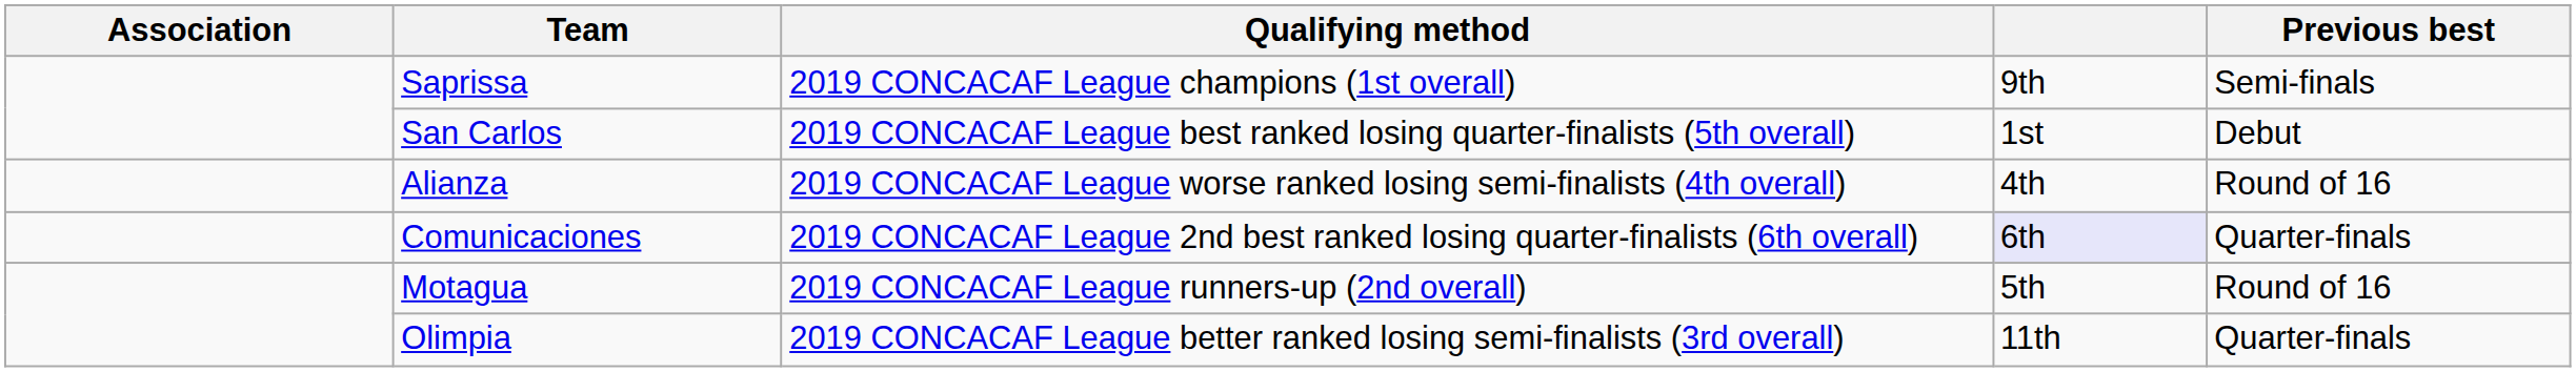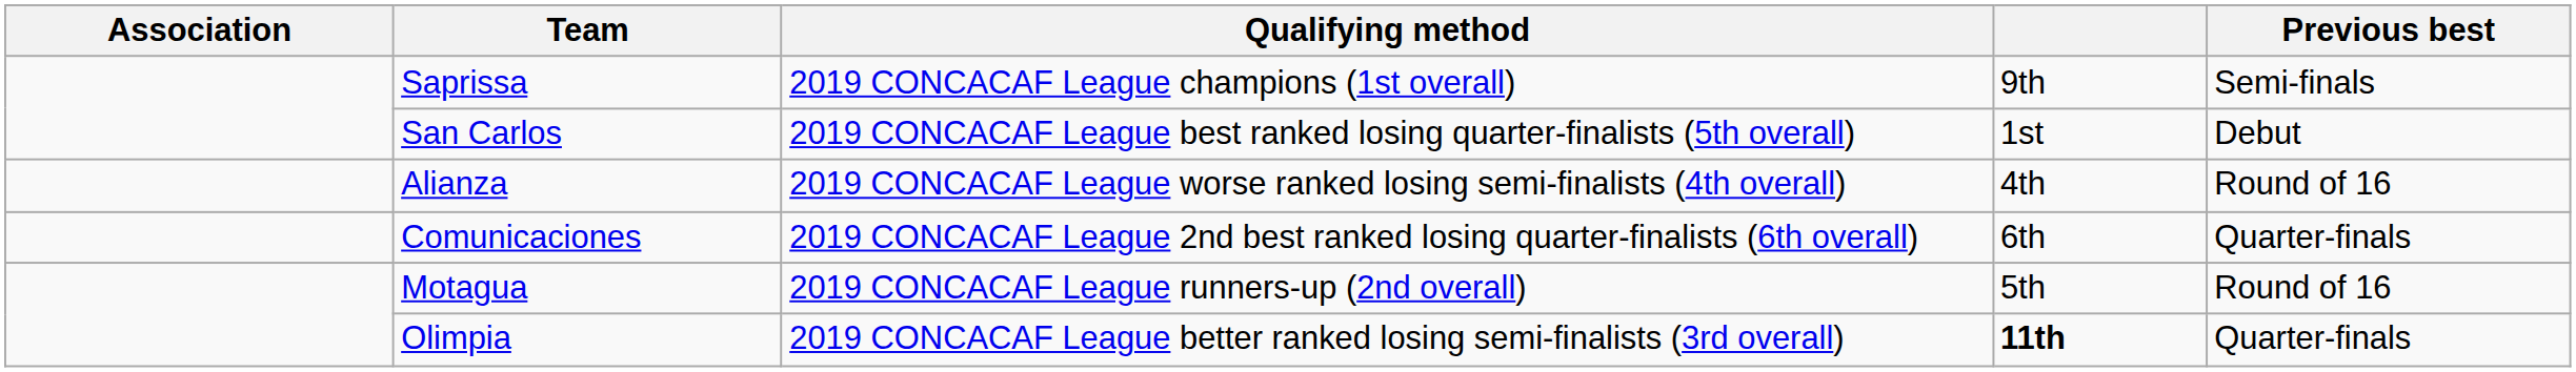 <table class="wikitable" style="table-layout:fixed;width:100%;">
 <tr>
 <th width=15%>Association</th>
 <th width=15%>Team</th>
 <th width=48%>Qualifying method</th>
 <th width=8%> </th>
 <th width=14%>Previous best </th>
 </tr>
 <tr>
 <td rowspan=2></td>
 <td><a href='#'>Saprissa</a></td>
 <td><a href='#'>2019 CONCACAF League</a> champions (<a href='#'>1st overall</a>)</td>
 <td>9th </td>
 <td>Semi-finals </td>
 </tr>
 <tr>
 <td><a href='#'>San Carlos</a></td>
 <td><a href='#'>2019 CONCACAF League</a> best ranked losing quarter-finalists (<a href='#'>5th overall</a>)</td>
 <td>1st</td>
 <td>Debut</td>
 </tr>
 <tr>
 <td></td>
 <td><a href='#'>Alianza</a></td>
 <td><a href='#'>2019 CONCACAF League</a> worse ranked losing semi-finalists (<a href='#'>4th overall</a>)</td>
 <td>4th </td>
 <td>Round of 16 </td>
 </tr>
 <tr>
 <td></td>
 <td><a href='#'>Comunicaciones</a></td>
 <td><a href='#'>2019 CONCACAF League</a> 2nd best ranked losing quarter-finalists (<a href='#'>6th overall</a>)</td>
-<td style="background: lavender;">6th </td>
+<td>6th </td>
 <td>Quarter-finals </td>
 </tr>
 <tr>
 <td rowspan=2></td>
 <td><a href='#'>Motagua</a></td>
 <td><a href='#'>2019 CONCACAF League</a> runners-up (<a href='#'>2nd overall</a>)</td>
 <td>5th </td>
 <td>Round of 16 </td>
 </tr>
 <tr>
 <td><a href='#'>Olimpia</a></td>
 <td><a href='#'>2019 CONCACAF League</a> better ranked losing semi-finalists (<a href='#'>3rd overall</a>)</td>
-<td>11th </td>
+<td><strong>11th </strong></td>
 <td>Quarter-finals </td>
 </tr>
 </table>
